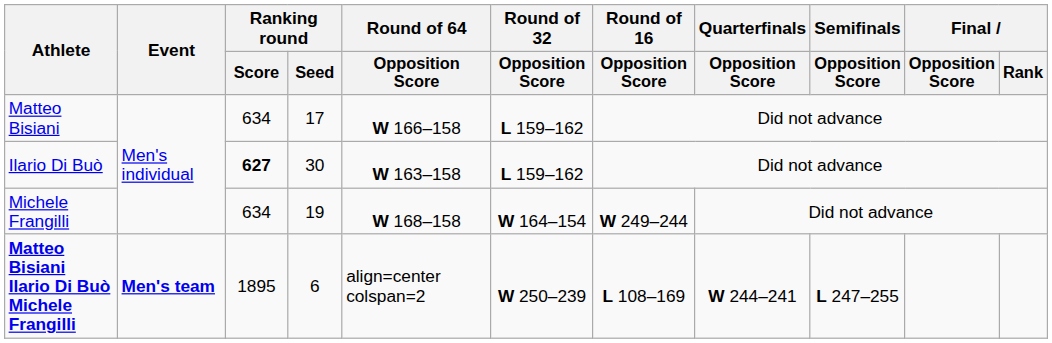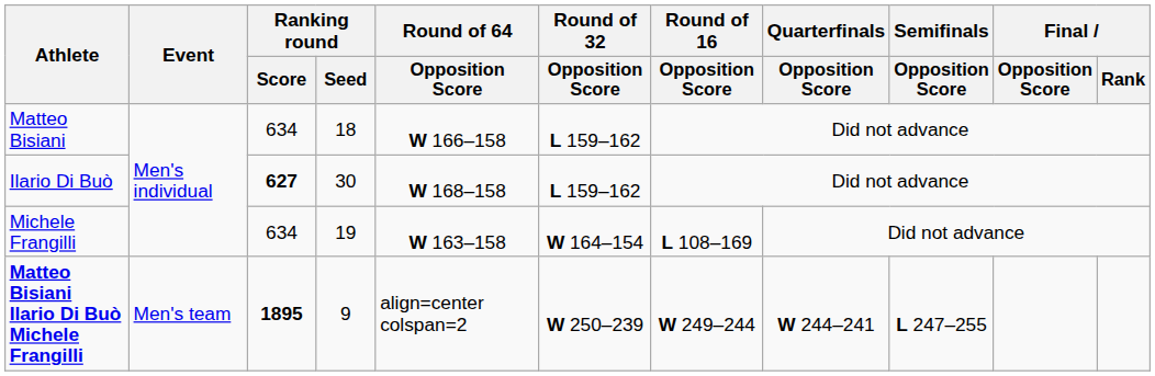 <table class="wikitable" style="font-size:90%">
 <tr>
 <th rowspan="2">Athlete</th>
 <th rowspan="2">Event</th>
 <th colspan="2">Ranking round</th>
 <th>Round of 64</th>
 <th>Round of 32</th>
 <th>Round of 16</th>
 <th>Quarterfinals</th>
 <th>Semifinals</th>
 <th colspan="2">Final / </th>
 </tr>
 <tr style="font-size:95%">
 <th>Score</th>
 <th>Seed</th>
 <th>Opposition<br>Score</th>
 <th>Opposition<br>Score</th>
 <th>Opposition<br>Score</th>
 <th>Opposition<br>Score</th>
 <th>Opposition<br>Score</th>
 <th>Opposition<br>Score</th>
 <th>Rank</th>
 </tr>
 <tr>
 <td align=left><a href='#'>Matteo Bisiani</a></td>
 <td align=left rowspan=3><a href='#'>Men's individual</a></td>
 <td align=center>634</td>
-<td align=center>17</td>
+<td align=center>18</td>
 <td align=center><br><strong>W</strong> 166–158</td>
 <td align=center><br><strong>L</strong> 159–162</td>
 <td align=center colspan=5>Did not advance</td>
 </tr>
 <tr>
 <td align=left><a href='#'>Ilario Di Buò</a></td>
 <td align=center><strong>627</strong></td>
 <td align=center>30</td>
-<td align=center><br><strong>W</strong> 163–158</td>
+<td align=center><br><strong>W</strong> 168–158</td>
 <td align=center><br><strong>L</strong> 159–162</td>
 <td align=center colspan=5>Did not advance</td>
 </tr>
 <tr>
 <td align=left><a href='#'>Michele Frangilli</a></td>
 <td align=center>634</td>
 <td align=center>19</td>
-<td align=center><br><strong>W</strong> 168–158</td>
+<td align=center><br><strong>W</strong> 163–158</td>
 <td align=center><br><strong>W</strong> 164–154</td>
-<td align=center><br><strong>W</strong> 249–244</td>
+<td align=center><br><strong>L</strong> 108–169</td>
 <td align=center colspan=4>Did not advance</td>
 </tr>
 <tr>
 <td align=left><strong><a href='#'>Matteo Bisiani</a></strong><br> <strong><a href='#'>Ilario Di Buò</a></strong><br> <strong><a href='#'>Michele Frangilli</a></strong></td>
-<td align=left><strong><a href='#'>Men's team</a></strong></td>
-<td align=center>1895</td>
-<td align=center>6</td>
+<td align=left><a href='#'>Men's team</a></td>
+<td align=center><strong>1895</strong></td>
+<td align=center>9</td>
 <td>align=center colspan=2 </td>
 <td align=center><br><strong>W</strong> 250–239</td>
-<td align=center><br><strong>L</strong> 108–169</td>
+<td align=center><br><strong>W</strong> 249–244</td>
 <td align=center><br><strong>W</strong> 244–241</td>
 <td align=center><br><strong>L</strong> 247–255</td>
 <td align=center></td>
 </tr>
 </table>
